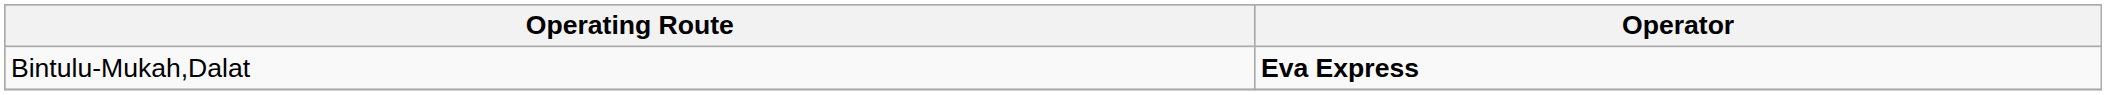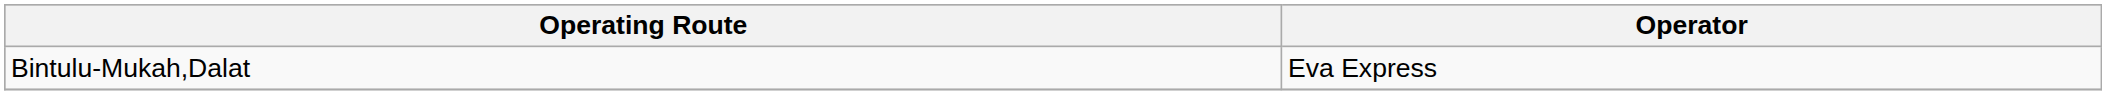 <table class="wikitable"  style="width:100%; margin:auto;">
 <tr>
 <th>Operating Route</th>
 <th>Operator</th>
 </tr>
 <tr>
 <td>Bintulu-Mukah,Dalat</td>
-<td><strong>Eva Express</strong></td>
+<td>Eva Express</td>
 </tr>
 <tr>
 </tr>
 </table>
